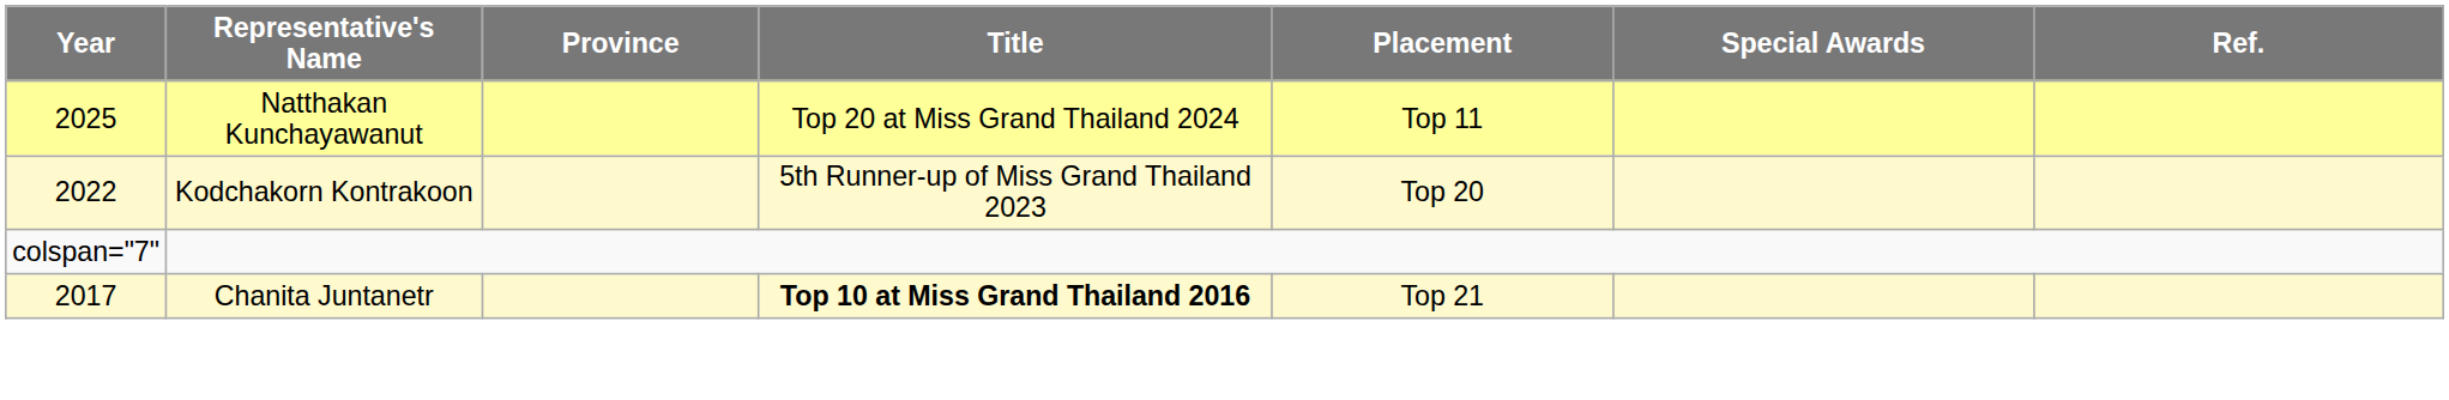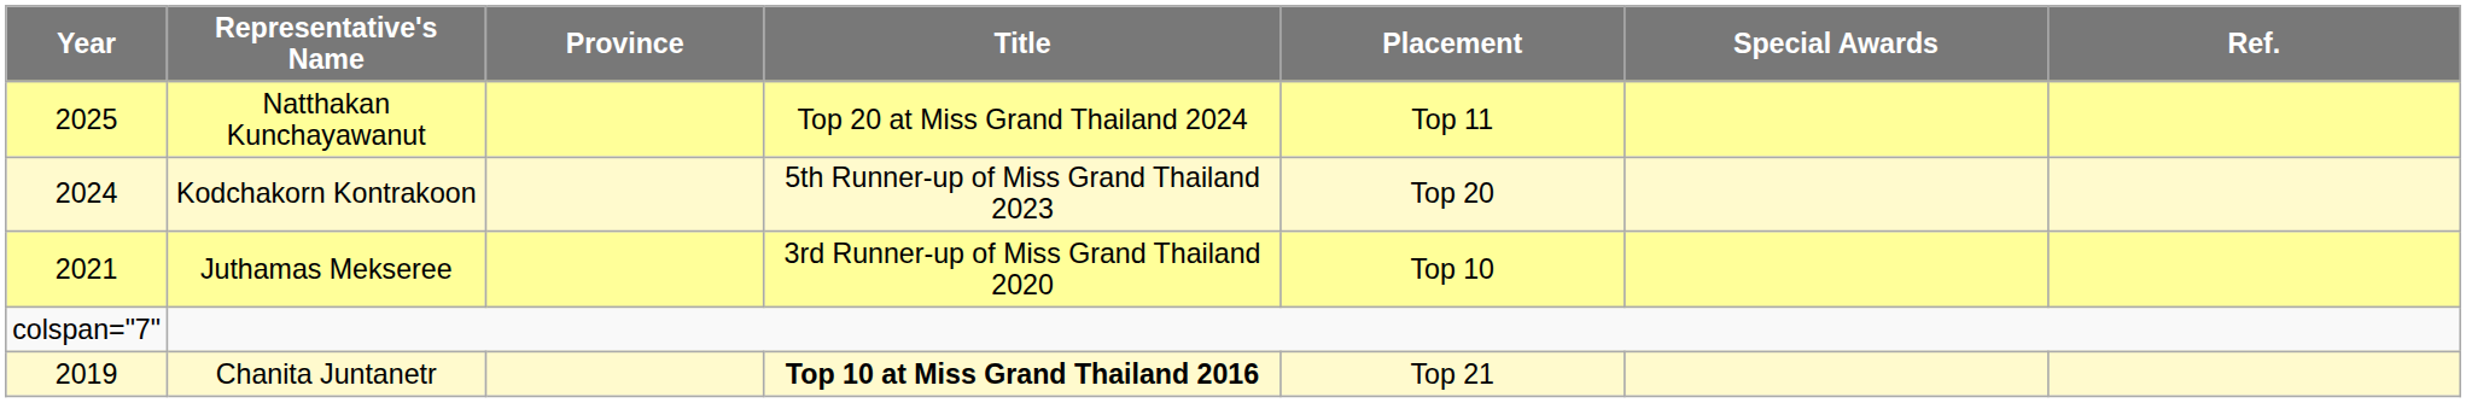 <table class="wikitable" style="font-size: 90%; text-align:center; width: 100%">
 <tr>
 <th width="60" style="background-color:#787878;color:#FFFFFF;">Year</th>
 <th width="170" style="background-color:#787878;color:#FFFFFF;">Representative's Name</th>
 <th width="160" style="background-color:#787878;color:#FFFFFF;">Province</th>
 <th width="320" style="background-color:#787878;color:#FFFFFF;">Title</th>
 <th width="200" style="background-color:#787878;color:#FFFFFF;">Placement</th>
 <th width="260" style="background-color:#787878;color:#FFFFFF;">Special Awards</th>
 <th width="260" style="background-color:#787878;color:#FFFFFF;">Ref.</th>
 </tr>
 <tr style="background-color:#FFFF99; ">
 <td>2025</td>
 <td>Natthakan Kunchayawanut</td>
 <td></td>
 <td>Top 20 at Miss Grand Thailand 2024</td>
 <td>Top 11</td>
 <td></td>
 <td></td>
 </tr>
 <tr style="background-color:#FFFACD;">
-<td>2022</td>
+<td>2024</td>
 <td>Kodchakorn Kontrakoon</td>
 <td></td>
 <td>5th Runner-up of Miss Grand Thailand 2023</td>
 <td>Top 20</td>
 <td style="background:;"></td>
 <td></td>
 </tr>
+<tr style="background-color:#FFFF99; ">
+<td>2021</td>
+<td>Juthamas Mekseree</td>
+<td></td>
+<td>3rd Runner-up of Miss Grand Thailand 2020</td>
+<td>Top 10</td>
+<td style="background:;"></td>
+<td></td>
+</tr>
 <tr>
 <td>colspan="7" </td>
 </tr>
 <tr style="background-color:#FFFACD; ">
-<td>2017</td>
+<td>2019</td>
 <td>Chanita Juntanetr</td>
 <td></td>
 <td><strong>Top 10 at Miss Grand Thailand 2016</strong></td>
 <td>Top 21</td>
 <td style="background:;"></td>
 <td></td>
 </tr>
 </table>
